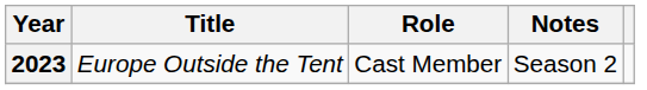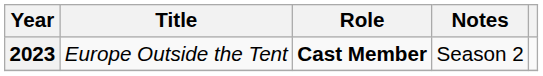 <table class="wikitable sortable plainrowheaders">
 <tr>
 <th scope="col">Year</th>
 <th scope="col">Title</th>
 <th scope="col">Role</th>
 <th scope="col">Notes</th>
 <th scope="col" class="unsortable"></th>
 </tr>
 <tr>
 <th scope="row">2023</th>
 <td><em>Europe Outside the Tent</em></td>
-<td>Cast Member</td>
+<td><strong>Cast Member</strong></td>
 <td>Season 2</td>
 <td></td>
 </tr>
 <tr>
 </tr>
 </table>
